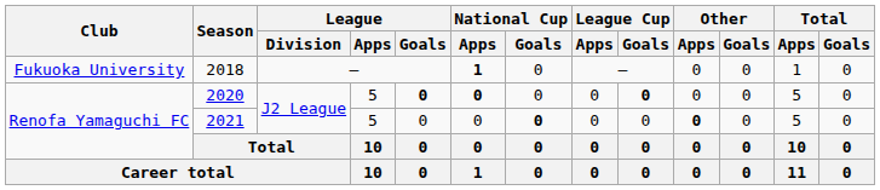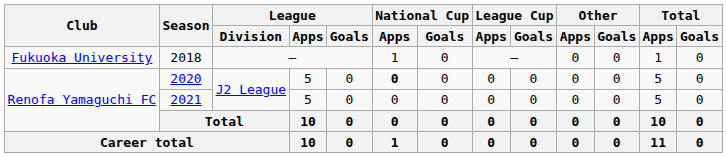 <table class=wikitable style=text-align:center>
 <tr>
 <th rowspan="2">Club</th>
 <th rowspan="2">Season</th>
 <th colspan="3">League</th>
 <th colspan="2">National Cup</th>
 <th colspan="2">League Cup</th>
 <th colspan="2">Other</th>
 <th colspan="2">Total</th>
 </tr>
 <tr>
 <th>Division</th>
 <th>Apps</th>
 <th>Goals</th>
 <th>Apps</th>
 <th>Goals</th>
 <th>Apps</th>
 <th>Goals</th>
 <th>Apps</th>
 <th>Goals</th>
 <th>Apps</th>
 <th>Goals</th>
 </tr>
 <tr>
 <td><a href='#'>Fukuoka University</a></td>
 <td>2018</td>
 <td colspan="3">–</td>
-<td><strong>1</strong></td>
+<td>1</td>
 <td>0</td>
 <td colspan="2">–</td>
 <td>0</td>
 <td>0</td>
 <td>1</td>
 <td>0</td>
 </tr>
 <tr>
 <td rowspan="3"><a href='#'>Renofa Yamaguchi FC</a></td>
 <td><a href='#'>2020</a></td>
 <td rowspan="2"><a href='#'>J2 League</a></td>
 <td>5</td>
-<td><strong>0</strong></td>
+<td>0</td>
 <td><strong>0</strong></td>
 <td>0</td>
 <td>0</td>
-<td><strong>0</strong></td>
+<td>0</td>
 <td>0</td>
 <td>0</td>
 <td>5</td>
 <td>0</td>
 </tr>
 <tr>
 <td><a href='#'>2021</a></td>
 <td>5</td>
 <td>0</td>
 <td>0</td>
-<td><strong>0</strong></td>
 <td>0</td>
 <td>0</td>
-<td><strong>0</strong></td>
+<td>0</td>
+<td>0</td>
 <td>0</td>
 <td>5</td>
 <td>0</td>
 </tr>
 <tr>
 <th colspan=2>Total</th>
 <th>10</th>
 <th>0</th>
 <th>0</th>
 <th>0</th>
 <th>0</th>
 <th>0</th>
 <th>0</th>
 <th>0</th>
 <th>10</th>
 <th>0</th>
 </tr>
 <tr>
 <th colspan=3>Career total</th>
 <th>10</th>
 <th>0</th>
 <th>1</th>
 <th>0</th>
 <th>0</th>
 <th>0</th>
 <th>0</th>
 <th>0</th>
 <th>11</th>
 <th>0</th>
 </tr>
 </table>
